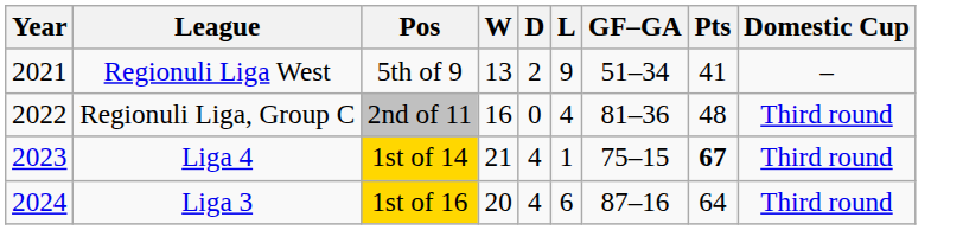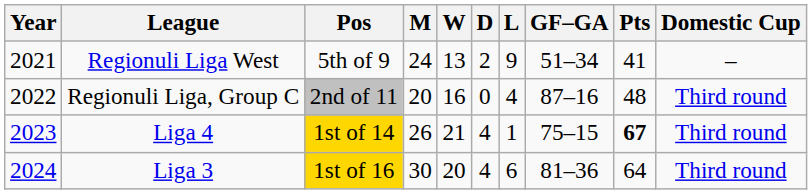 <table class="wikitable sortable" style="text-align: center">
 <tr>
 <th>Year</th>
 <th>League</th>
 <th>Pos</th>
+<th>M</th>
 <th>W</th>
 <th>D</th>
 <th>L</th>
 <th>GF–GA</th>
 <th>Pts</th>
 <th>Domestic Cup</th>
 </tr>
 <tr>
 <td>2021</td>
 <td><a href='#'>Regionuli Liga</a> West</td>
 <td>5th of 9</td>
+<td>24</td>
 <td>13</td>
 <td>2</td>
 <td>9</td>
 <td>51–34</td>
 <td>41</td>
 <td>–</td>
 </tr>
 <tr>
 <td>2022</td>
 <td>Regionuli Liga, Group C</td>
 <td bgcolor="silver">2nd of 11</td>
+<td>20</td>
 <td>16</td>
 <td>0</td>
 <td>4</td>
-<td>81–36</td>
+<td>87–16</td>
 <td>48</td>
 <td><a href='#'>Third round</a></td>
 </tr>
 <tr>
 <td><a href='#'>2023</a></td>
 <td><a href='#'>Liga 4</a></td>
 <td bgcolor="gold">1st of 14</td>
+<td>26</td>
 <td>21</td>
 <td>4</td>
 <td>1</td>
 <td>75–15</td>
 <td><strong>67</strong></td>
 <td><a href='#'>Third round</a></td>
 </tr>
 <tr>
 <td><a href='#'>2024</a></td>
 <td><a href='#'>Liga 3</a></td>
 <td bgcolor="gold">1st of 16</td>
+<td>30</td>
 <td>20</td>
 <td>4</td>
 <td>6</td>
-<td>87–16</td>
+<td>81–36</td>
 <td>64</td>
 <td><a href='#'>Third round</a></td>
 </tr>
 </table>
